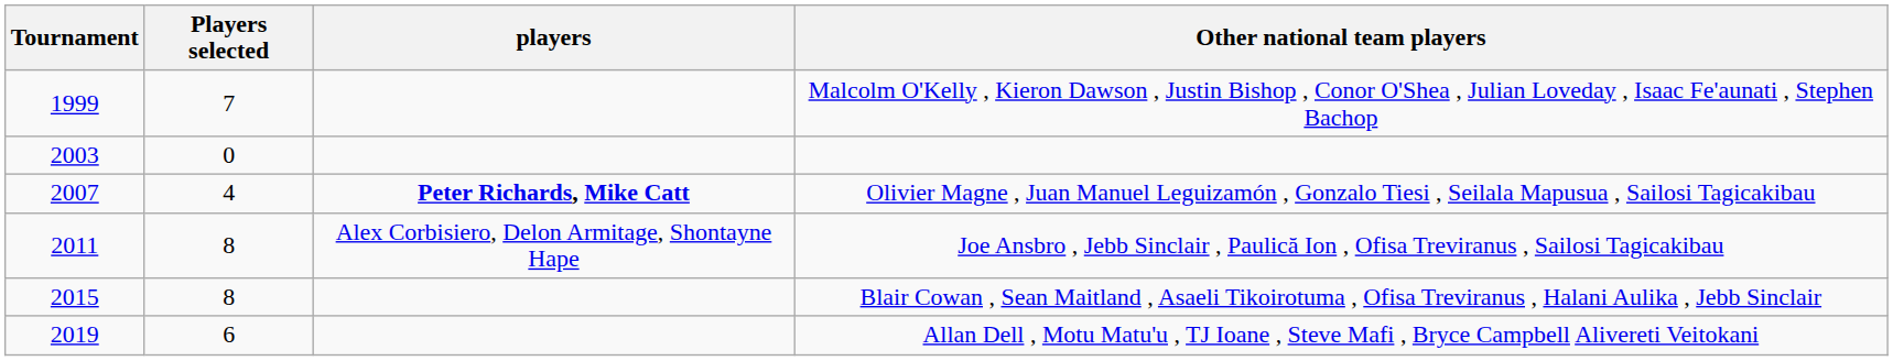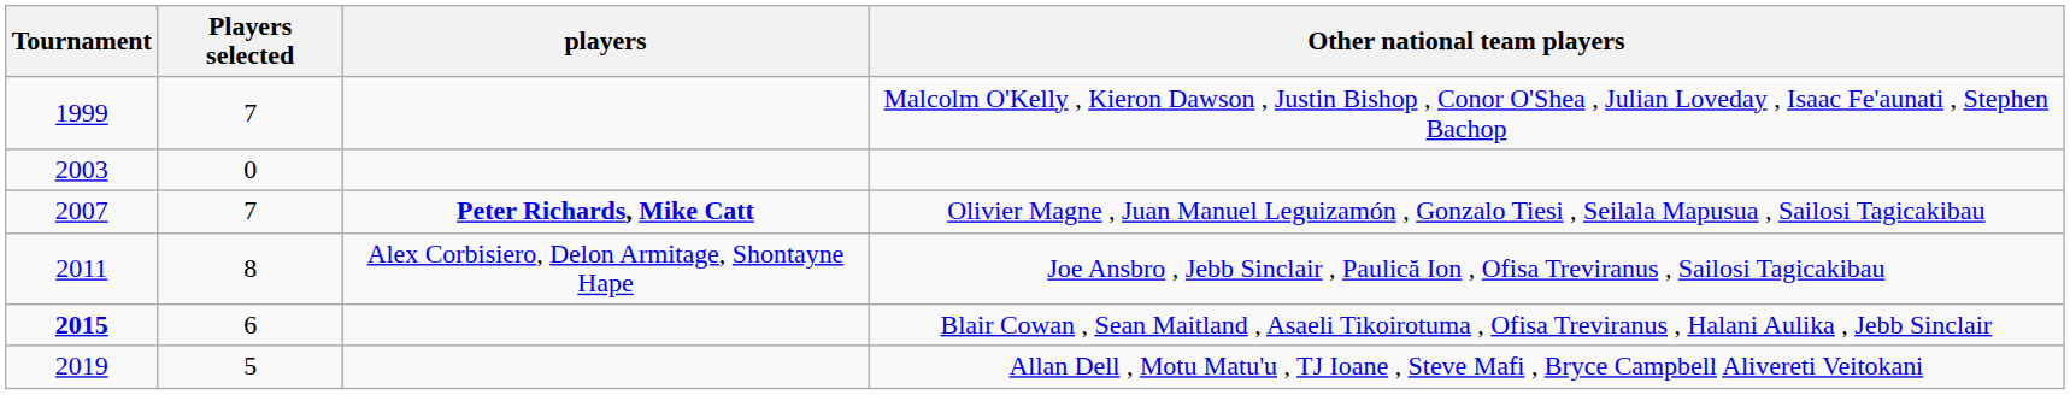 <table class="wikitable sortable" style="text-align:center">
 <tr>
 <th>Tournament</th>
 <th>Players selected</th>
 <th> players</th>
 <th>Other national team players</th>
 </tr>
 <tr>
 <td><a href='#'>1999</a></td>
 <td>7</td>
 <td></td>
 <td><a href='#'>Malcolm O'Kelly</a> , <a href='#'>Kieron Dawson</a> , <a href='#'>Justin Bishop</a> , <a href='#'>Conor O'Shea</a> , <a href='#'>Julian Loveday</a> , <a href='#'>Isaac Fe'aunati</a> , <a href='#'>Stephen Bachop</a> </td>
 </tr>
 <tr>
 <td><a href='#'>2003</a></td>
 <td>0</td>
 <td></td>
 <td></td>
 </tr>
 <tr>
 <td><a href='#'>2007</a></td>
-<td>4</td>
+<td>7</td>
 <td><strong><a href='#'>Peter Richards</a>, <a href='#'>Mike Catt</a></strong></td>
 <td><a href='#'>Olivier Magne</a> , <a href='#'>Juan Manuel Leguizamón</a> , <a href='#'>Gonzalo Tiesi</a> , <a href='#'>Seilala Mapusua</a> , <a href='#'>Sailosi Tagicakibau</a> </td>
 </tr>
 <tr>
 <td><a href='#'>2011</a></td>
 <td>8</td>
 <td><a href='#'>Alex Corbisiero</a>, <a href='#'>Delon Armitage</a>, <a href='#'>Shontayne Hape</a></td>
 <td><a href='#'>Joe Ansbro</a> , <a href='#'>Jebb Sinclair</a> , <a href='#'>Paulică Ion</a> , <a href='#'>Ofisa Treviranus</a> , <a href='#'>Sailosi Tagicakibau</a> </td>
 </tr>
 <tr>
-<td><a href='#'>2015</a></td>
-<td>8</td>
+<td><strong><a href='#'>2015</a></strong></td>
+<td>6</td>
 <td></td>
 <td><a href='#'>Blair Cowan</a> , <a href='#'>Sean Maitland</a> , <a href='#'>Asaeli Tikoirotuma</a> , <a href='#'>Ofisa Treviranus</a> , <a href='#'>Halani Aulika</a> , <a href='#'>Jebb Sinclair</a> </td>
 </tr>
 <tr>
 <td><a href='#'>2019</a></td>
-<td>6</td>
+<td>5</td>
 <td></td>
 <td><a href='#'>Allan Dell</a> , <a href='#'>Motu Matu'u</a> , <a href='#'>TJ Ioane</a> , <a href='#'>Steve Mafi</a> , <a href='#'>Bryce Campbell</a>  <a href='#'>Alivereti Veitokani</a> </td>
 </tr>
 </table>
